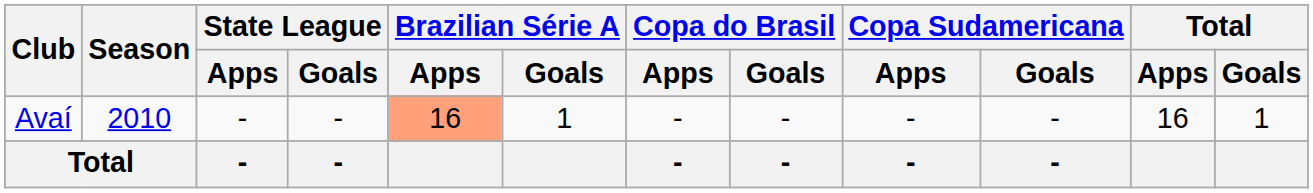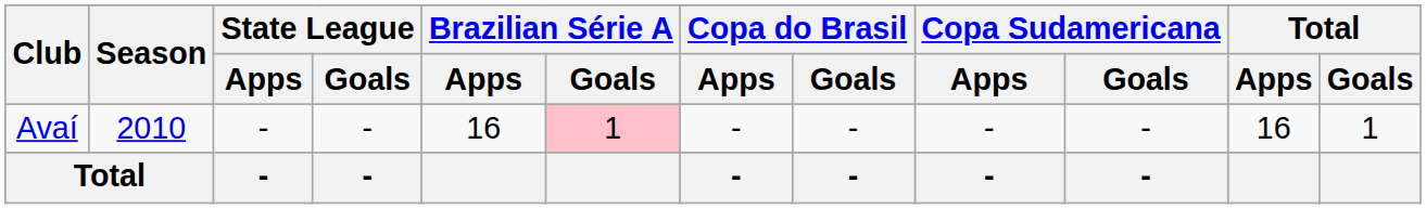 <table class="wikitable" style="text-align: center;">
 <tr>
 <th rowspan="2">Club</th>
 <th rowspan="2">Season</th>
 <th colspan="2">State League</th>
 <th colspan="2"><a href='#'>Brazilian Série A</a></th>
 <th colspan="2"><a href='#'>Copa do Brasil</a></th>
 <th colspan="2"><a href='#'>Copa Sudamericana</a></th>
 <th colspan="2">Total</th>
 </tr>
 <tr>
 <th>Apps</th>
 <th>Goals</th>
 <th>Apps</th>
 <th>Goals</th>
 <th>Apps</th>
 <th>Goals</th>
 <th>Apps</th>
 <th>Goals</th>
 <th>Apps</th>
 <th>Goals</th>
 </tr>
 <tr>
 <td rowspan="1" valign="center"><a href='#'>Avaí</a></td>
 <td><a href='#'>2010</a></td>
 <td>-</td>
 <td>-</td>
-<td style="background: lightsalmon;">16</td>
-<td>1</td>
+<td>16</td>
+<td style="background: pink;">1</td>
 <td>-</td>
 <td>-</td>
 <td>-</td>
 <td>-</td>
 <td>16</td>
 <td>1</td>
 </tr>
 <tr>
 <th colspan="2"><strong>Total</strong></th>
 <th>-</th>
 <th>-</th>
 <th></th>
 <th></th>
 <th>-</th>
 <th>-</th>
 <th>-</th>
 <th>-</th>
 <th></th>
 <th></th>
 </tr>
 </table>
